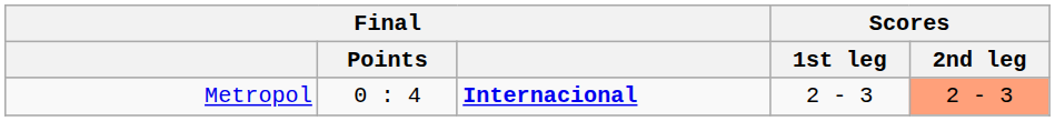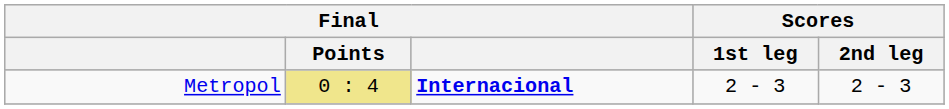 <table class="wikitable" style="text-align:center;">
 <tr>
 <th colspan=3>Final</th>
 <th colspan=3>Scores</th>
 </tr>
 <tr>
 <th width="175"></th>
 <th width="75">Points</th>
 <th width="175"></th>
 <th width="75">1st leg</th>
 <th width="75">2nd leg</th>
 </tr>
 <tr>
 <td align=right><a href='#'>Metropol</a></td>
-<td>0 : 4</td>
+<td style="background: khaki;">0 : 4</td>
 <td align=left><strong><a href='#'>Internacional</a></strong></td>
 <td>2 - 3</td>
-<td style="background: lightsalmon;">2 - 3</td>
+<td>2 - 3</td>
 </tr>
 </table>
